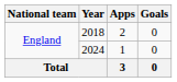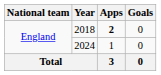 <table class="wikitable" style="text-align:center">
 <tr>
 <th>National team</th>
 <th>Year</th>
 <th>Apps</th>
 <th>Goals</th>
 </tr>
 <tr>
 <td rowspan="2"><a href='#'>England</a></td>
 <td>2018</td>
-<td>2</td>
+<td><strong>2</strong></td>
 <td>0</td>
 </tr>
 <tr>
 <td>2024</td>
 <td>1</td>
 <td>0</td>
 </tr>
 <tr>
 <th colspan="2">Total</th>
 <th>3</th>
 <th>0</th>
 </tr>
 </table>
